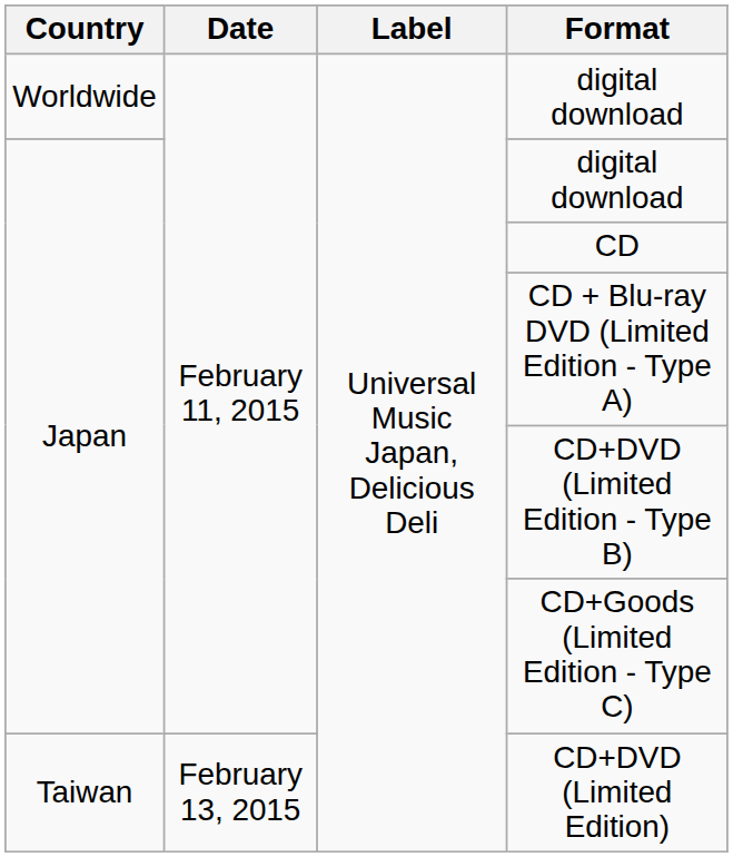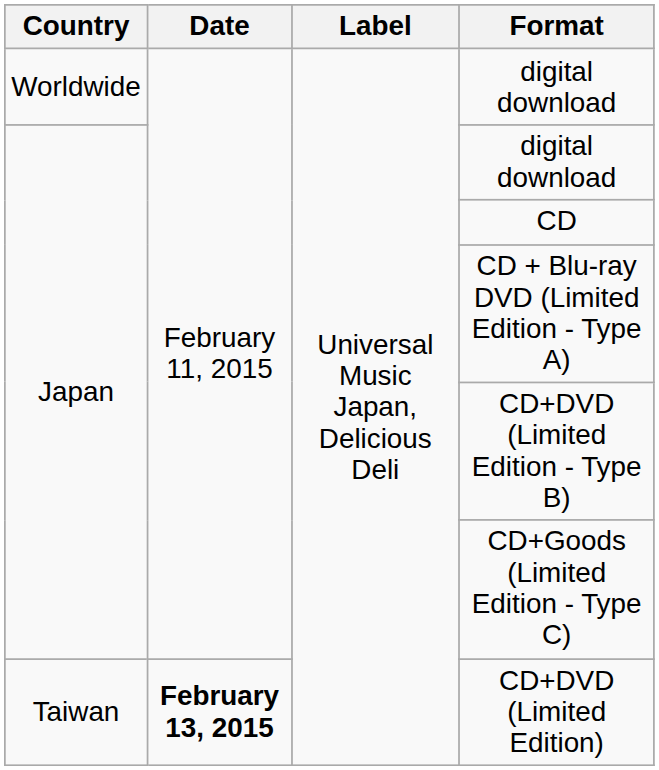 <table class="wikitable" style="width:60%; text-align:center">
 <tr>
 <th>Country</th>
 <th>Date</th>
 <th>Label</th>
 <th>Format</th>
 </tr>
 <tr>
 <td>Worldwide</td>
 <td rowspan=6>February 11, 2015</td>
 <td rowspan=7>Universal Music Japan, Delicious Deli</td>
 <td>digital download</td>
 </tr>
 <tr>
 <td rowspan=5>Japan</td>
 <td>digital download</td>
 </tr>
 <tr>
 <td>CD</td>
 </tr>
 <tr>
 <td>CD + Blu-ray DVD (Limited Edition - Type A)</td>
 </tr>
 <tr>
 <td>CD+DVD (Limited Edition - Type B)</td>
 </tr>
 <tr>
 <td>CD+Goods (Limited Edition - Type C)</td>
 </tr>
 <tr>
 <td>Taiwan</td>
-<td>February 13, 2015</td>
+<td><strong>February 13, 2015</strong></td>
 <td>CD+DVD (Limited Edition)</td>
 </tr>
 </table>
